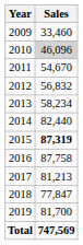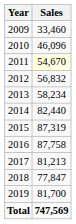 <table class="wikitable" style="float:center; clear:center; margin:0 0 1em 1em; text-align:center;">
 <tr>
 <th>Year</th>
 <th>Sales</th>
 </tr>
 <tr>
 <td>2009</td>
 <td>33,460</td>
 </tr>
 <tr>
 <td>2010</td>
-<td style="background: lightgrey;">46,096</td>
+<td>46,096</td>
 </tr>
 <tr>
 <td>2011</td>
-<td>54,670</td>
+<td style="background: lightyellow;">54,670</td>
 </tr>
 <tr>
 <td>2012</td>
 <td>56,832</td>
 </tr>
 <tr>
 <td>2013</td>
 <td>58,234</td>
 </tr>
 <tr>
 <td>2014</td>
 <td>82,440</td>
 </tr>
 <tr>
 <td>2015</td>
-<td><strong>87,319</strong></td>
+<td>87,319</td>
 </tr>
 <tr>
 <td>2016</td>
 <td>87,758</td>
 </tr>
 <tr>
 <td>2017</td>
 <td>81,213</td>
 </tr>
 <tr>
 <td>2018</td>
 <td>77,847</td>
 </tr>
 <tr>
 <td>2019</td>
 <td>81,700</td>
 </tr>
 <tr>
 <td><strong>Total</strong></td>
 <td><strong>747,569</strong></td>
 </tr>
 </table>
